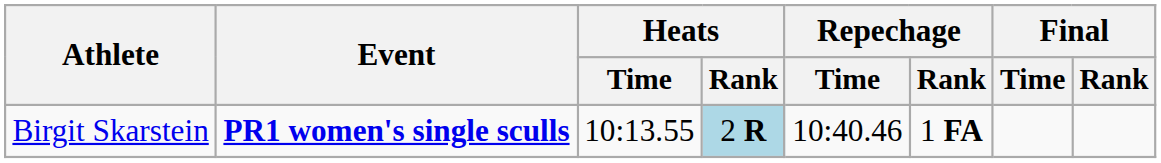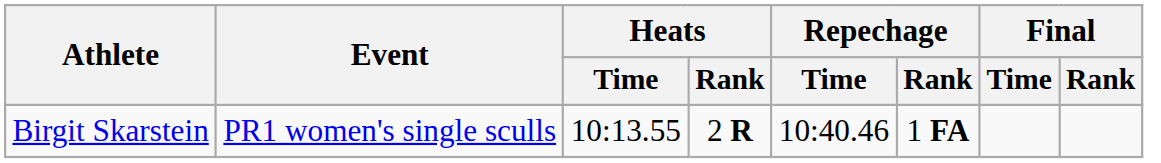 <table class="wikitable" style="font-size:90%">
 <tr>
 <th rowspan=2>Athlete</th>
 <th rowspan=2>Event</th>
 <th colspan=2>Heats</th>
 <th colspan=2>Repechage</th>
 <th colspan=2>Final</th>
 </tr>
 <tr style="font-size:95%">
 <th>Time</th>
 <th>Rank</th>
 <th>Time</th>
 <th>Rank</th>
 <th>Time</th>
 <th>Rank</th>
 </tr>
 <tr align=center>
 <td align=left><a href='#'>Birgit Skarstein</a></td>
-<td align=left><strong><a href='#'>PR1 women's single sculls</a></strong></td>
+<td align=left><a href='#'>PR1 women's single sculls</a></td>
 <td>10:13.55</td>
-<td style="background: lightblue;">2 <strong>R</strong></td>
+<td>2 <strong>R</strong></td>
 <td>10:40.46</td>
 <td>1 <strong>FA</strong></td>
 <td></td>
 <td></td>
 </tr>
 </table>
